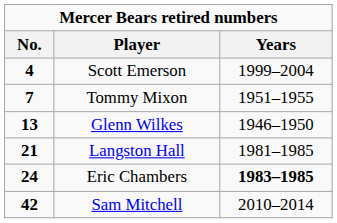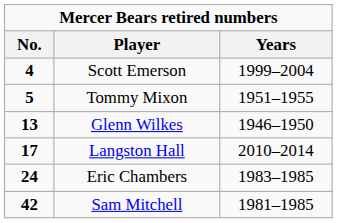 <table class="wikitable sortable" style="text-align:center">
 <tr>
 <td colspan="5"><strong>Mercer Bears retired numbers</strong></td>
 </tr>
 <tr>
 <th width=40px>No.</th>
 <th width=150px>Player</th>
 <th width=100px>Years</th>
 </tr>
 <tr>
 <td><strong>4</strong></td>
 <td>Scott Emerson</td>
 <td>1999–2004</td>
 </tr>
 <tr>
-<td><strong>7</strong></td>
+<td><strong>5</strong></td>
 <td>Tommy Mixon</td>
 <td>1951–1955</td>
 </tr>
 <tr>
 <td><strong>13</strong></td>
 <td><a href='#'>Glenn Wilkes</a></td>
 <td>1946–1950</td>
 </tr>
 <tr>
-<td><strong>21</strong></td>
+<td><strong>17</strong></td>
 <td><a href='#'>Langston Hall</a></td>
-<td>1981–1985</td>
+<td>2010–2014</td>
 </tr>
 <tr>
 <td><strong>24</strong></td>
 <td>Eric Chambers</td>
-<td><strong>1983–1985</strong></td>
+<td>1983–1985</td>
 </tr>
 <tr>
 <td><strong>42</strong></td>
 <td><a href='#'>Sam Mitchell</a></td>
-<td>2010–2014</td>
+<td>1981–1985</td>
 </tr>
 </table>
